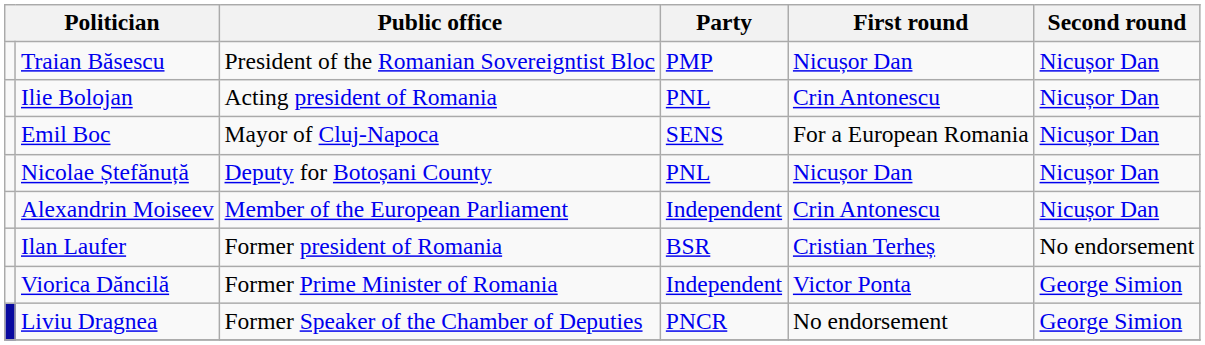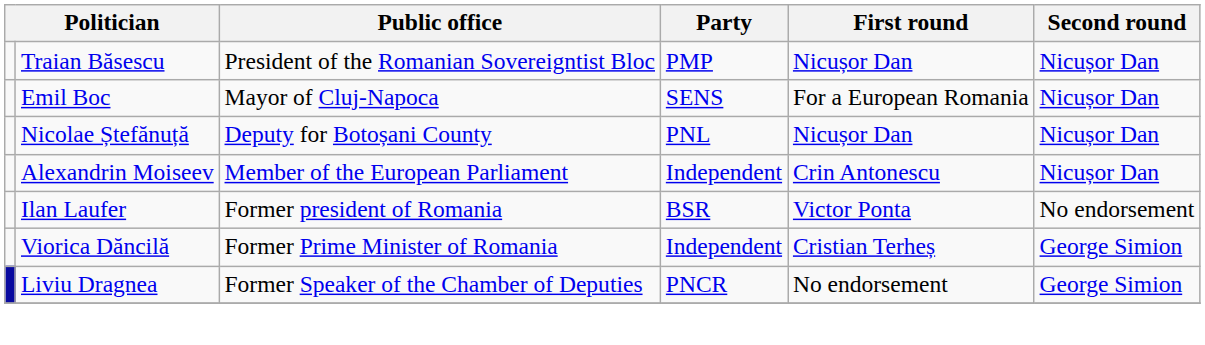 <table class="wikitable nowrap sortable collapsible collapsed">
 <tr>
 <th colspan="2">Politician</th>
 <th>Public office</th>
 <th>Party</th>
 <th>First round</th>
 <th>Second round</th>
 </tr>
 <tr>
 <td style="background-color: "></td>
 <td><a href='#'>Traian Băsescu</a></td>
 <td>President of the <a href='#'>Romanian Sovereigntist Bloc</a></td>
 <td><a href='#'>PMP</a></td>
 <td><a href='#'>Nicușor Dan</a></td>
-<td><a href='#'>Nicușor Dan</a></td>
-</tr>
-<tr>
-<td style="background-color: "></td>
-<td><a href='#'>Ilie Bolojan</a></td>
-<td>Acting <a href='#'>president of Romania</a></td>
-<td><a href='#'>PNL</a></td>
-<td><a href='#'>Crin Antonescu</a></td>
 <td><a href='#'>Nicușor Dan</a></td>
 </tr>
 <tr>
 <td style="background-color: "></td>
 <td><a href='#'>Emil Boc</a></td>
 <td>Mayor of <a href='#'>Cluj-Napoca</a></td>
 <td><a href='#'>SENS</a></td>
 <td>For a European Romania</td>
 <td><a href='#'>Nicușor Dan</a></td>
 </tr>
 <tr>
 <td style="background-color: "></td>
 <td><a href='#'>Nicolae Ștefănuță</a></td>
 <td><a href='#'>Deputy</a> for <a href='#'>Botoșani County</a></td>
 <td><a href='#'>PNL</a></td>
 <td><a href='#'>Nicușor Dan</a></td>
 <td><a href='#'>Nicușor Dan</a></td>
 </tr>
 <tr>
 <td style="background-color: "></td>
 <td><a href='#'>Alexandrin Moiseev</a></td>
 <td><a href='#'>Member of the European Parliament</a></td>
 <td><a href='#'>Independent</a></td>
 <td><a href='#'>Crin Antonescu</a></td>
 <td><a href='#'>Nicușor Dan</a></td>
 </tr>
 <tr>
 <td style="background-color: "></td>
 <td><a href='#'>Ilan Laufer</a></td>
 <td>Former <a href='#'>president of Romania</a></td>
 <td><a href='#'>BSR</a></td>
-<td><a href='#'>Cristian Terheș</a></td>
+<td><a href='#'>Victor Ponta</a></td>
 <td>No endorsement</td>
 </tr>
 <tr>
 <td style="background-color: "></td>
 <td><a href='#'>Viorica Dăncilă</a></td>
 <td>Former <a href='#'>Prime Minister of Romania</a></td>
 <td><a href='#'>Independent</a></td>
-<td><a href='#'>Victor Ponta</a></td>
+<td><a href='#'>Cristian Terheș</a></td>
 <td><a href='#'>George Simion</a></td>
 </tr>
 <tr>
 <td style="background-color: #08099F;"></td>
 <td><a href='#'>Liviu Dragnea</a></td>
 <td>Former <a href='#'>Speaker of the Chamber of Deputies</a></td>
 <td><a href='#'>PNCR</a></td>
 <td>No endorsement</td>
 <td><a href='#'>George Simion</a></td>
 </tr>
 <tr>
 </tr>
 </table>
